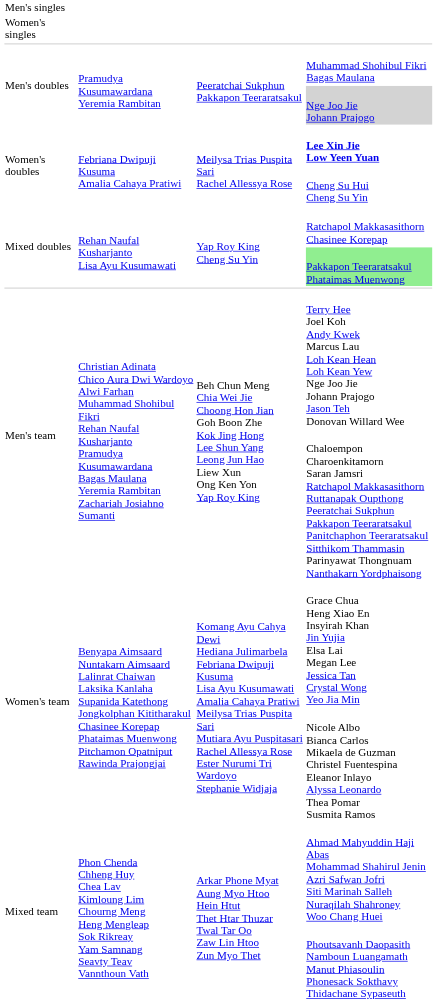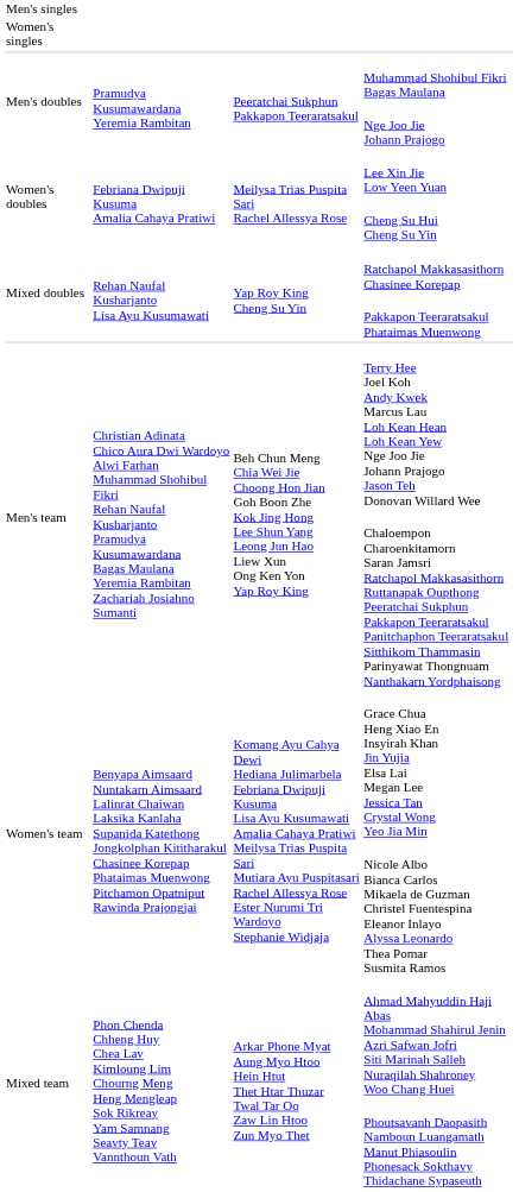 <table>
 <tr>
 <td rowspan=2>Men's singles<br></td>
 <td rowspan=2></td>
 <td rowspan=2></td>
 <td></td>
 </tr>
 <tr>
 <td></td>
 </tr>
 <tr>
 <td rowspan=2>Women's singles<br></td>
 <td rowspan=2></td>
 <td rowspan=2></td>
 <td></td>
 </tr>
 <tr>
 <td></td>
 </tr>
 <tr bgcolor=#dddddd>
 <td colspan=4></td>
 </tr>
 <tr>
 <td rowspan=2>Men's doubles<br></td>
 <td rowspan=2><br><a href='#'>Pramudya Kusumawardana</a><br><a href='#'>Yeremia Rambitan</a></td>
 <td rowspan=2><br><a href='#'>Peeratchai Sukphun</a><br><a href='#'>Pakkapon Teeraratsakul</a></td>
 <td><br><a href='#'>Muhammad Shohibul Fikri</a><br><a href='#'>Bagas Maulana</a></td>
 </tr>
 <tr>
-<td style="background: lightgrey;"><br><a href='#'>Nge Joo Jie</a><br><a href='#'>Johann Prajogo</a></td>
+<td><br><a href='#'>Nge Joo Jie</a><br><a href='#'>Johann Prajogo</a></td>
 </tr>
 <tr>
 <td rowspan=2>Women's doubles<br></td>
 <td rowspan=2><br><a href='#'>Febriana Dwipuji Kusuma</a><br><a href='#'>Amalia Cahaya Pratiwi</a></td>
 <td rowspan=2><br><a href='#'>Meilysa Trias Puspita Sari</a><br><a href='#'>Rachel Allessya Rose</a></td>
-<td><strong><br><a href='#'>Lee Xin Jie</a><br><a href='#'>Low Yeen Yuan</a></strong></td>
+<td><br><a href='#'>Lee Xin Jie</a><br><a href='#'>Low Yeen Yuan</a></td>
 </tr>
 <tr>
 <td><br><a href='#'>Cheng Su Hui</a><br><a href='#'>Cheng Su Yin</a></td>
 </tr>
 <tr>
 </tr>
 <tr>
 <td rowspan=2>Mixed doubles<br></td>
 <td rowspan=2><br><a href='#'>Rehan Naufal Kusharjanto</a><br><a href='#'>Lisa Ayu Kusumawati</a></td>
 <td rowspan=2><br><a href='#'>Yap Roy King</a><br><a href='#'>Cheng Su Yin</a></td>
 <td><br><a href='#'>Ratchapol Makkasasithorn</a><br><a href='#'>Chasinee Korepap</a></td>
 </tr>
 <tr>
-<td style="background: lightgreen;"><br><a href='#'>Pakkapon Teeraratsakul</a><br><a href='#'>Phataimas Muenwong</a></td>
+<td><br><a href='#'>Pakkapon Teeraratsakul</a><br><a href='#'>Phataimas Muenwong</a></td>
 </tr>
 <tr bgcolor=#dddddd>
 <td colspan=4></td>
 </tr>
 <tr>
 <td rowspan=2>Men's team<br></td>
 <td rowspan=2><br><a href='#'>Christian Adinata</a><br><a href='#'>Chico Aura Dwi Wardoyo</a><br><a href='#'>Alwi Farhan</a><br><a href='#'>Muhammad Shohibul Fikri</a><br><a href='#'>Rehan Naufal Kusharjanto</a><br><a href='#'>Pramudya Kusumawardana</a><br><a href='#'>Bagas Maulana</a><br><a href='#'>Yeremia Rambitan</a><br><a href='#'>Zachariah Josiahno Sumanti</a></td>
 <td rowspan=2><br>Beh Chun Meng<br><a href='#'>Chia Wei Jie</a><br><a href='#'>Choong Hon Jian</a><br>Goh Boon Zhe<br><a href='#'>Kok Jing Hong</a><br><a href='#'>Lee Shun Yang</a><br><a href='#'>Leong Jun Hao</a><br>Liew Xun<br>Ong Ken Yon<br><a href='#'>Yap Roy King</a></td>
 <td><br><a href='#'>Terry Hee</a><br>Joel Koh<br><a href='#'>Andy Kwek</a><br>Marcus Lau<br><a href='#'>Loh Kean Hean</a><br><a href='#'>Loh Kean Yew</a><br>Nge Joo Jie<br>Johann Prajogo<br><a href='#'>Jason Teh</a><br>Donovan Willard Wee</td>
 </tr>
 <tr>
 <td><br>Chaloempon Charoenkitamorn<br>Saran Jamsri<br><a href='#'>Ratchapol Makkasasithorn</a><br><a href='#'>Ruttanapak Oupthong</a> <br> <a href='#'>Peeratchai Sukphun</a><br><a href='#'>Pakkapon Teeraratsakul</a><br> <a href='#'>Panitchaphon Teeraratsakul</a><br><a href='#'>Sitthikom Thammasin</a><br>Parinyawat Thongnuam<br><a href='#'>Nanthakarn Yordphaisong</a></td>
 </tr>
 <tr>
 <td rowspan=2>Women's team<br></td>
 <td rowspan=2><br><a href='#'>Benyapa Aimsaard</a><br><a href='#'>Nuntakarn Aimsaard</a><br><a href='#'>Lalinrat Chaiwan</a><br><a href='#'>Laksika Kanlaha</a><br><a href='#'>Supanida Katethong</a><br><a href='#'>Jongkolphan Kititharakul</a><br><a href='#'>Chasinee Korepap</a><br><a href='#'>Phataimas Muenwong</a><br><a href='#'>Pitchamon Opatniput</a><br><a href='#'>Rawinda Prajongjai</a></td>
 <td rowspan=2> <br><a href='#'>Komang Ayu Cahya Dewi</a><br><a href='#'>Hediana Julimarbela</a><br><a href='#'>Febriana Dwipuji Kusuma</a><br><a href='#'>Lisa Ayu Kusumawati</a><br><a href='#'>Amalia Cahaya Pratiwi</a><br><a href='#'>Meilysa Trias Puspita Sari</a><br><a href='#'>Mutiara Ayu Puspitasari</a><br><a href='#'>Rachel Allessya Rose</a><br><a href='#'>Ester Nurumi Tri Wardoyo</a><br><a href='#'>Stephanie Widjaja</a></td>
 <td> <br>Grace Chua<br>Heng Xiao En<br>Insyirah Khan<br><a href='#'>Jin Yujia</a><br>Elsa Lai<br>Megan Lee<br><a href='#'>Jessica Tan</a><br><a href='#'>Crystal Wong</a><br><a href='#'>Yeo Jia Min</a></td>
 </tr>
 <tr>
 <td><br>Nicole Albo<br>Bianca Carlos<br>Mikaela de Guzman<br>Christel Fuentespina<br>Eleanor Inlayo<br><a href='#'>Alyssa Leonardo</a><br>Thea Pomar<br>Susmita Ramos</td>
 </tr>
 <tr>
 <td rowspan=2>Mixed team<br></td>
 <td rowspan=2><br><a href='#'>Phon Chenda</a><br><a href='#'>Chheng Huy</a><br><a href='#'>Chea Lav</a><br><a href='#'>Kimloung Lim</a><br><a href='#'>Chourng Meng</a><br><a href='#'>Heng Mengleap</a><br><a href='#'>Sok Rikreay</a><br><a href='#'>Yam Samnang</a><br><a href='#'>Seavty Teav</a><br><a href='#'>Vannthoun Vath</a></td>
 <td rowspan=2><br><a href='#'>Arkar Phone Myat</a><br><a href='#'>Aung Myo Htoo</a><br><a href='#'>Hein Htut</a><br><a href='#'>Thet Htar Thuzar</a><br><a href='#'>Twal Tar Oo</a><br><a href='#'>Zaw Lin Htoo</a><br><a href='#'>Zun Myo Thet</a></td>
 <td><br><a href='#'>Ahmad Mahyuddin Haji Abas</a><br><a href='#'>Mohammad Shahirul Jenin</a><br><a href='#'>Azri Safwan Jofri</a><br><a href='#'>Siti Marinah Salleh</a><br><a href='#'>Nuraqilah Shahroney</a><br><a href='#'>Woo Chang Huei</a></td>
 </tr>
 <tr>
 <td><br><a href='#'>Phoutsavanh Daopasith</a><br><a href='#'>Namboun Luangamath</a><br><a href='#'>Manut Phiasoulin</a><br><a href='#'>Phonesack Sokthavy</a><br><a href='#'>Thidachane Sypaseuth</a></td>
 </tr>
 </table>
